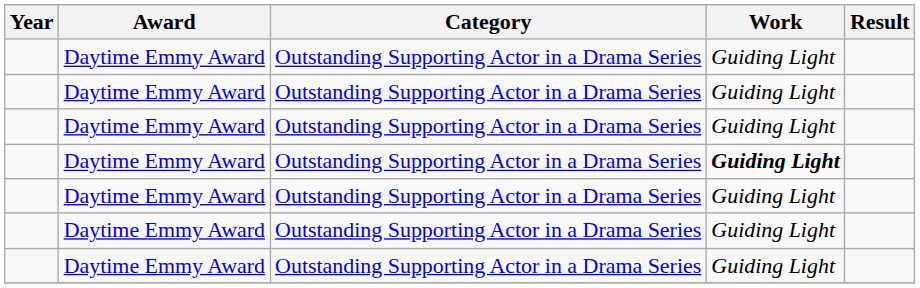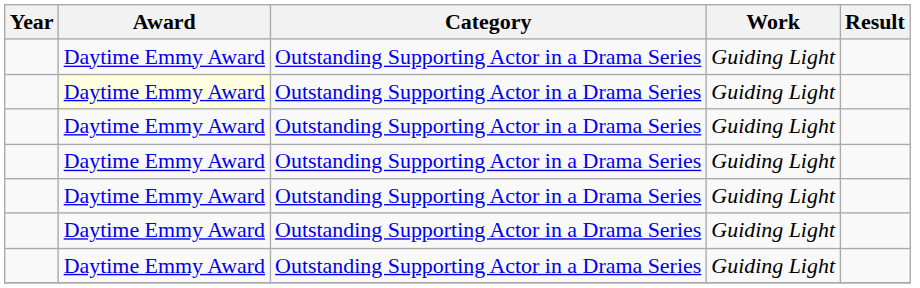 <table class="wikitable sortable plainrowheaders">
 <tr>
 <th scope="col">Year</th>
 <th scope="col">Award</th>
 <th scope="col">Category</th>
 <th scope="col">Work</th>
 <th scope="col">Result</th>
+</tr>
+<tr>
+<td></td>
+<td><a href='#'>Daytime Emmy Award</a></td>
+<td><a href='#'>Outstanding Supporting Actor in a Drama Series</a></td>
+<td><em>Guiding Light</em></td>
+<td></td>
+</tr>
+<tr>
+<td></td>
+<td style="background: lightyellow;"><a href='#'>Daytime Emmy Award</a></td>
+<td><a href='#'>Outstanding Supporting Actor in a Drama Series</a></td>
+<td><em>Guiding Light</em></td>
+<td></td>
 </tr>
 <tr>
 <td></td>
 <td><a href='#'>Daytime Emmy Award</a></td>
 <td><a href='#'>Outstanding Supporting Actor in a Drama Series</a></td>
 <td><em>Guiding Light</em></td>
 <td></td>
 </tr>
 <tr>
 <td></td>
 <td><a href='#'>Daytime Emmy Award</a></td>
 <td><a href='#'>Outstanding Supporting Actor in a Drama Series</a></td>
 <td><em>Guiding Light</em></td>
 <td></td>
 </tr>
 <tr>
 <td></td>
 <td><a href='#'>Daytime Emmy Award</a></td>
 <td><a href='#'>Outstanding Supporting Actor in a Drama Series</a></td>
 <td><em>Guiding Light</em></td>
 <td></td>
 </tr>
 <tr>
 <td></td>
 <td><a href='#'>Daytime Emmy Award</a></td>
 <td><a href='#'>Outstanding Supporting Actor in a Drama Series</a></td>
-<td><strong><em>Guiding Light</em></strong></td>
-<td></td>
-</tr>
-<tr>
-<td></td>
-<td><a href='#'>Daytime Emmy Award</a></td>
-<td><a href='#'>Outstanding Supporting Actor in a Drama Series</a></td>
-<td><em>Guiding Light</em></td>
-<td></td>
-</tr>
-<tr>
-<td></td>
-<td><a href='#'>Daytime Emmy Award</a></td>
-<td><a href='#'>Outstanding Supporting Actor in a Drama Series</a></td>
 <td><em>Guiding Light</em></td>
 <td></td>
 </tr>
 <tr>
 <td></td>
 <td><a href='#'>Daytime Emmy Award</a></td>
 <td><a href='#'>Outstanding Supporting Actor in a Drama Series</a></td>
 <td><em>Guiding Light</em></td>
 <td></td>
 </tr>
 <tr>
 </tr>
 </table>
